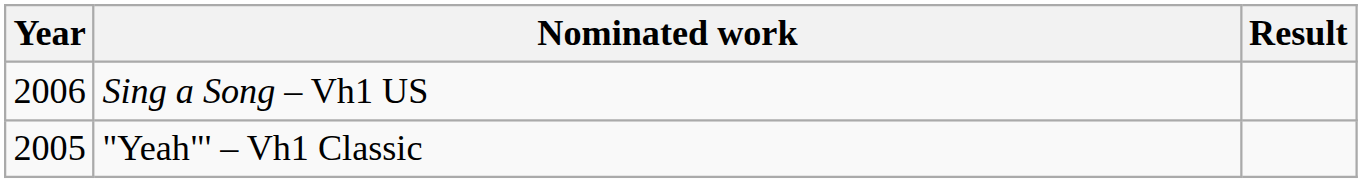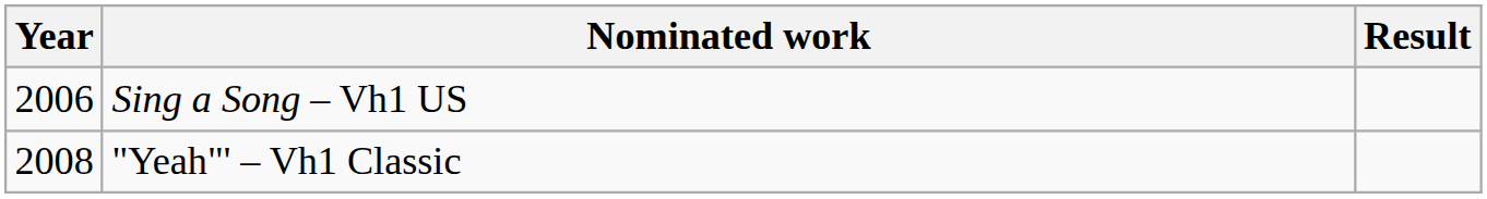 <table class="wikitable sortable plainrowheaders" style="margin-right: 0;">
 <tr>
 <th width="30”">Year</th>
 <th width="500">Nominated work</th>
 <th width="30">Result</th>
 </tr>
 <tr>
 <td scope="row">2006</td>
 <td><em>Sing a Song</em> – Vh1 US</td>
 <td></td>
 </tr>
 <tr>
-<td>2005</td>
+<td>2008</td>
 <td>"Yeah"' – Vh1 Classic</td>
 <td></td>
 </tr>
 </table>
